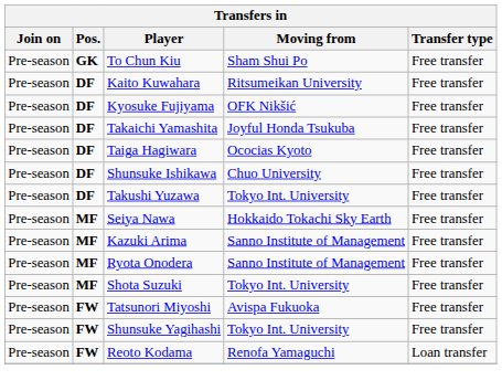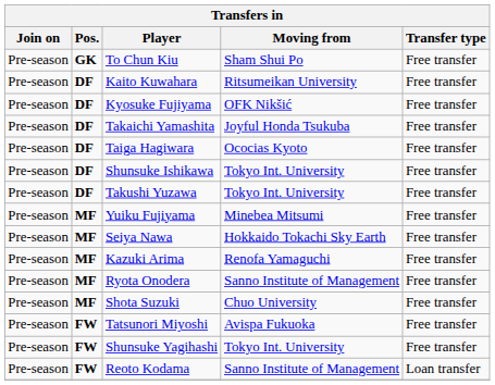 <table class="wikitable sortable" style=“text-align:left;>
 <tr>
 <th colspan="5">Transfers in</th>
 </tr>
 <tr>
 <th>Join on</th>
 <th>Pos.</th>
 <th>Player</th>
 <th>Moving from</th>
 <th>Transfer type</th>
 </tr>
 <tr>
 <td>Pre-season</td>
 <td><strong>GK</strong></td>
 <td> <a href='#'>To Chun Kiu</a></td>
 <td> <a href='#'>Sham Shui Po</a></td>
 <td>Free transfer</td>
 </tr>
 <tr>
 <td>Pre-season</td>
 <td><strong>DF</strong></td>
 <td> <a href='#'>Kaito Kuwahara</a></td>
 <td> <a href='#'>Ritsumeikan University</a></td>
 <td>Free transfer</td>
 </tr>
 <tr>
 <td>Pre-season</td>
 <td><strong>DF</strong></td>
 <td> <a href='#'>Kyosuke Fujiyama</a></td>
 <td> <a href='#'>OFK Nikšić</a></td>
 <td>Free transfer</td>
 </tr>
 <tr>
 <td>Pre-season</td>
 <td><strong>DF</strong></td>
 <td> <a href='#'>Takaichi Yamashita</a></td>
 <td> <a href='#'>Joyful Honda Tsukuba</a></td>
 <td>Free transfer</td>
 </tr>
 <tr>
 <td>Pre-season</td>
 <td><strong>DF</strong></td>
 <td> <a href='#'>Taiga Hagiwara</a></td>
 <td> <a href='#'>Ococias Kyoto</a></td>
 <td>Free transfer</td>
 </tr>
 <tr>
 <td>Pre-season</td>
 <td><strong>DF</strong></td>
 <td> <a href='#'>Shunsuke Ishikawa</a></td>
-<td> <a href='#'>Chuo University</a></td>
+<td> <a href='#'>Tokyo Int. University</a></td>
 <td>Free transfer</td>
 </tr>
 <tr>
 <td>Pre-season</td>
 <td><strong>DF</strong></td>
 <td> <a href='#'>Takushi Yuzawa</a></td>
 <td> <a href='#'>Tokyo Int. University</a></td>
+<td>Free transfer</td>
+</tr>
+<tr>
+<td>Pre-season</td>
+<td><strong>MF</strong></td>
+<td> <a href='#'>Yuiku Fujiyama</a></td>
+<td> <a href='#'>Minebea Mitsumi</a></td>
 <td>Free transfer</td>
 </tr>
 <tr>
 <td>Pre-season</td>
 <td><strong>MF</strong></td>
 <td> <a href='#'>Seiya Nawa</a></td>
 <td> <a href='#'>Hokkaido Tokachi Sky Earth</a></td>
 <td>Free transfer</td>
 </tr>
 <tr>
 <td>Pre-season</td>
 <td><strong>MF</strong></td>
 <td> <a href='#'>Kazuki Arima</a></td>
-<td> <a href='#'>Sanno Institute of Management</a></td>
+<td> <a href='#'>Renofa Yamaguchi</a></td>
 <td>Free transfer</td>
 </tr>
 <tr>
 <td>Pre-season</td>
 <td><strong>MF</strong></td>
 <td> <a href='#'>Ryota Onodera</a></td>
 <td> <a href='#'>Sanno Institute of Management</a></td>
 <td>Free transfer</td>
 </tr>
 <tr>
 <td>Pre-season</td>
 <td><strong>MF</strong></td>
 <td> <a href='#'>Shota Suzuki</a></td>
-<td> <a href='#'>Tokyo Int. University</a></td>
+<td> <a href='#'>Chuo University</a></td>
 <td>Free transfer</td>
 </tr>
 <tr>
 <td>Pre-season</td>
 <td><strong>FW</strong></td>
 <td> <a href='#'>Tatsunori Miyoshi</a></td>
 <td> <a href='#'>Avispa Fukuoka</a></td>
 <td>Free transfer</td>
 </tr>
 <tr>
 <td>Pre-season</td>
 <td><strong>FW</strong></td>
 <td> <a href='#'>Shunsuke Yagihashi</a></td>
 <td> <a href='#'>Tokyo Int. University</a></td>
 <td>Free transfer</td>
 </tr>
 <tr>
 <td>Pre-season</td>
 <td><strong>FW</strong></td>
 <td> <a href='#'>Reoto Kodama</a></td>
-<td> <a href='#'>Renofa Yamaguchi</a></td>
+<td> <a href='#'>Sanno Institute of Management</a></td>
 <td>Loan transfer</td>
 </tr>
 <tr>
 </tr>
 </table>
